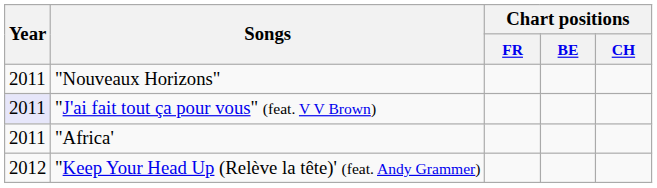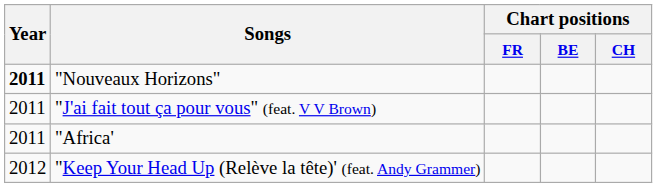 <table class="wikitable">
 <tr>
 <th style="text-align:center;" rowspan="2">Year</th>
 <th style="text-align:center;" rowspan="2">Songs</th>
 <th style="text-align:center;" colspan="4">Chart positions</th>
 </tr>
 <tr>
 <th width="40"><small><a href='#'>FR</a><br></small></th>
 <th width="40"><small><a href='#'>BE</a></small></th>
 <th width="40"><small><a href='#'>CH</a></small></th>
 </tr>
 <tr>
-<td>2011</td>
+<td><strong>2011</strong></td>
 <td>"Nouveaux Horizons"</td>
 <td></td>
 <td></td>
 <td></td>
 </tr>
 <tr>
-<td style="background: lavender;">2011</td>
+<td>2011</td>
 <td>"<a href='#'>J'ai fait tout ça pour vous</a>" <small>(feat. <a href='#'>V V Brown</a>)</small></td>
 <td></td>
 <td></td>
 <td></td>
 </tr>
 <tr>
 <td>2011</td>
 <td>"Africa'</td>
 <td></td>
 <td></td>
 <td></td>
 </tr>
 <tr>
 <td>2012</td>
 <td>"<a href='#'>Keep Your Head Up</a> (Relève la tête)' <small>(feat. <a href='#'>Andy Grammer</a>)</small></td>
 <td></td>
 <td></td>
 <td></td>
 </tr>
 </table>
